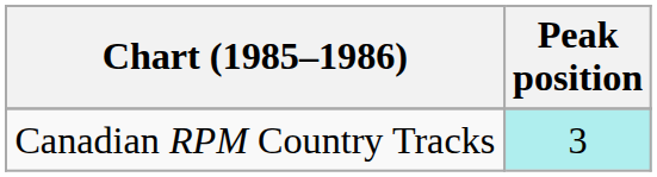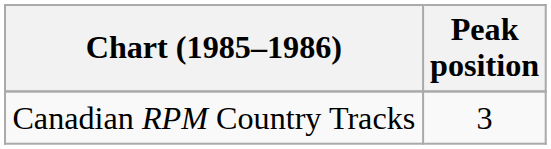 <table class="wikitable sortable">
 <tr>
 <th>Chart (1985–1986)</th>
 <th>Peak<br>position</th>
 </tr>
 <tr>
 </tr>
 <tr>
 <td>Canadian <em>RPM</em> Country Tracks</td>
-<td align="center" style="background: paleturquoise;">3</td>
+<td align="center">3</td>
 </tr>
 </table>
